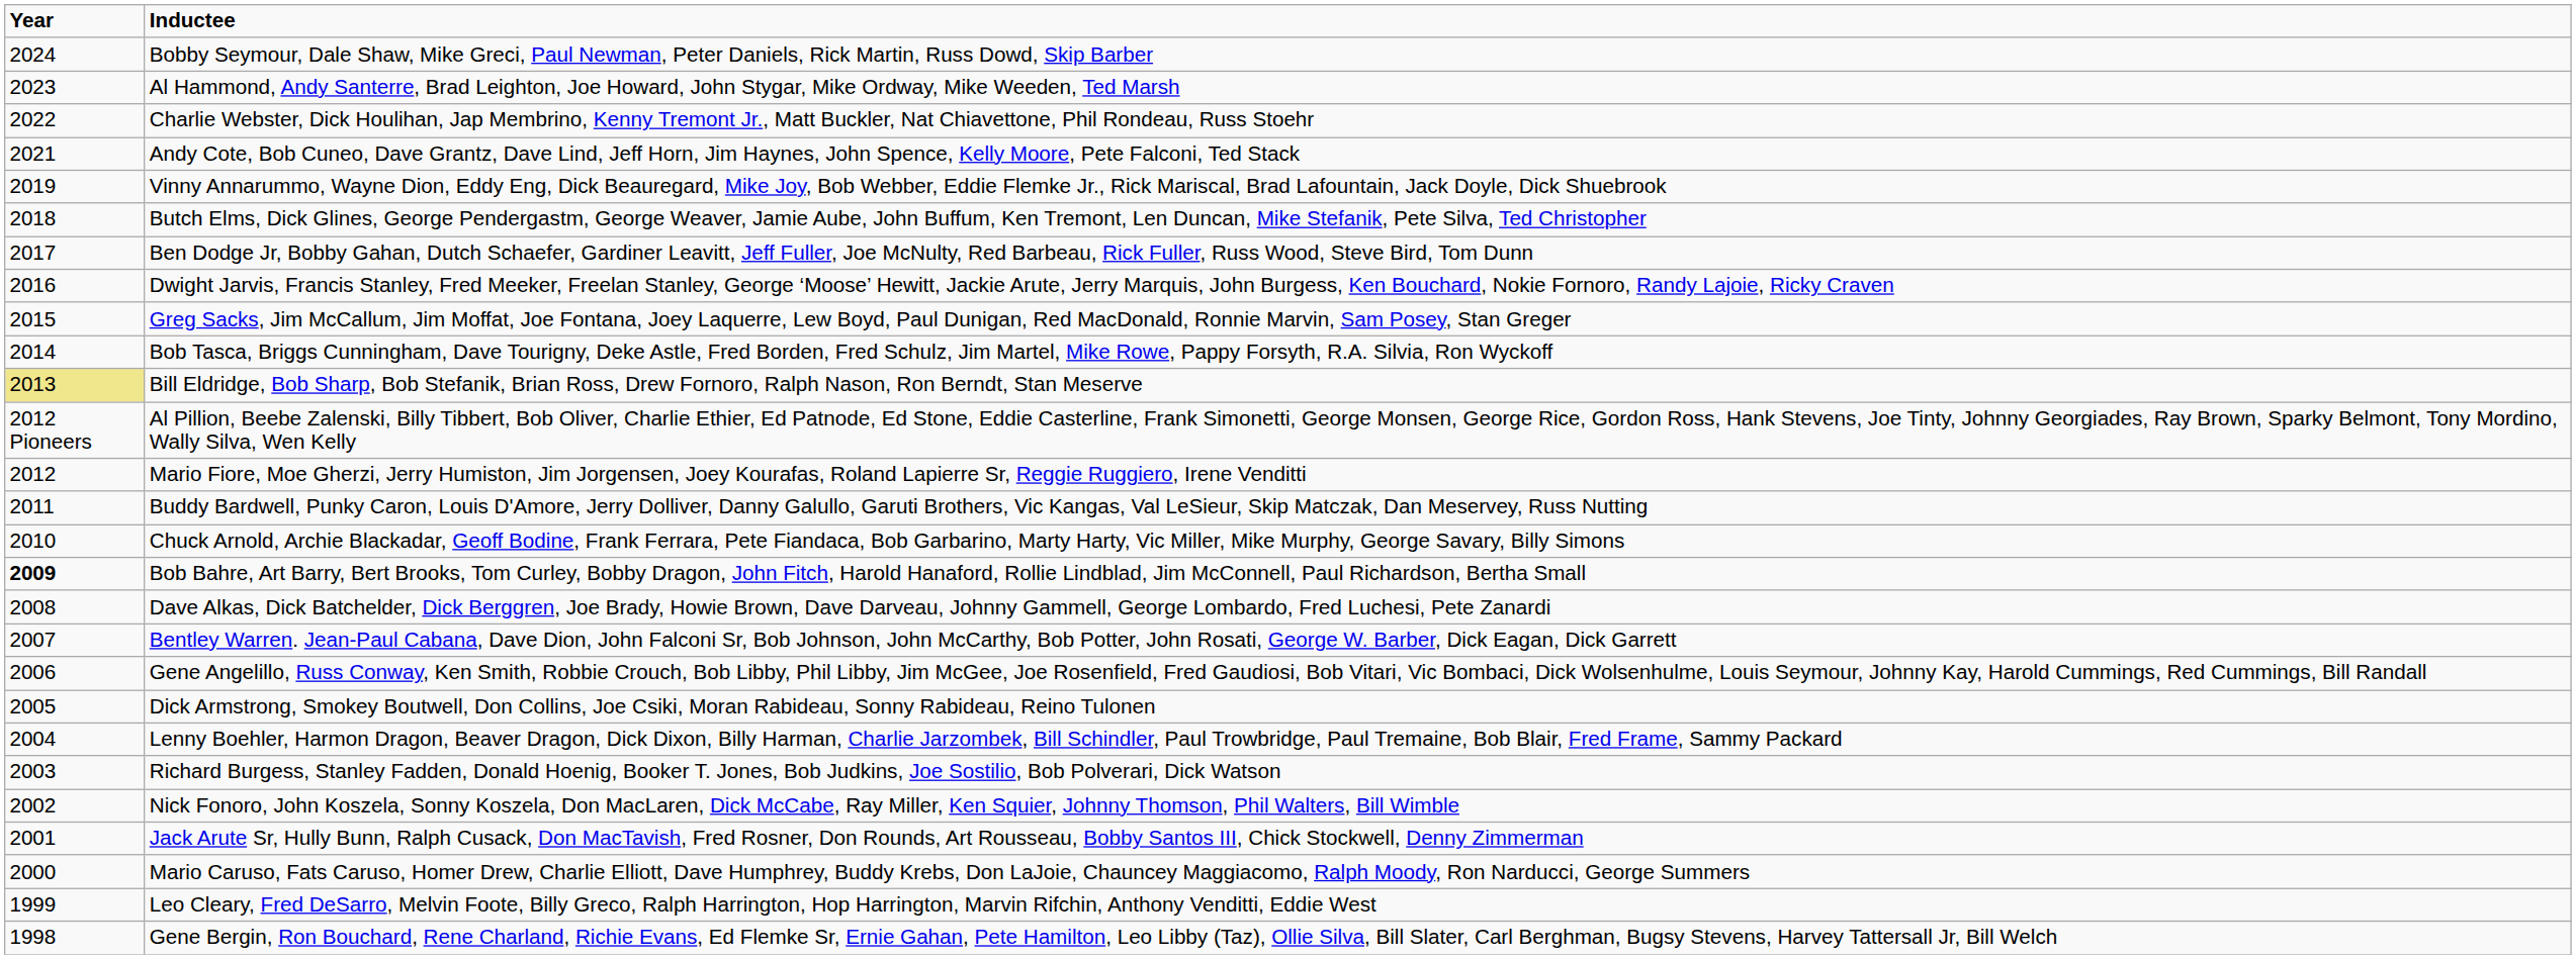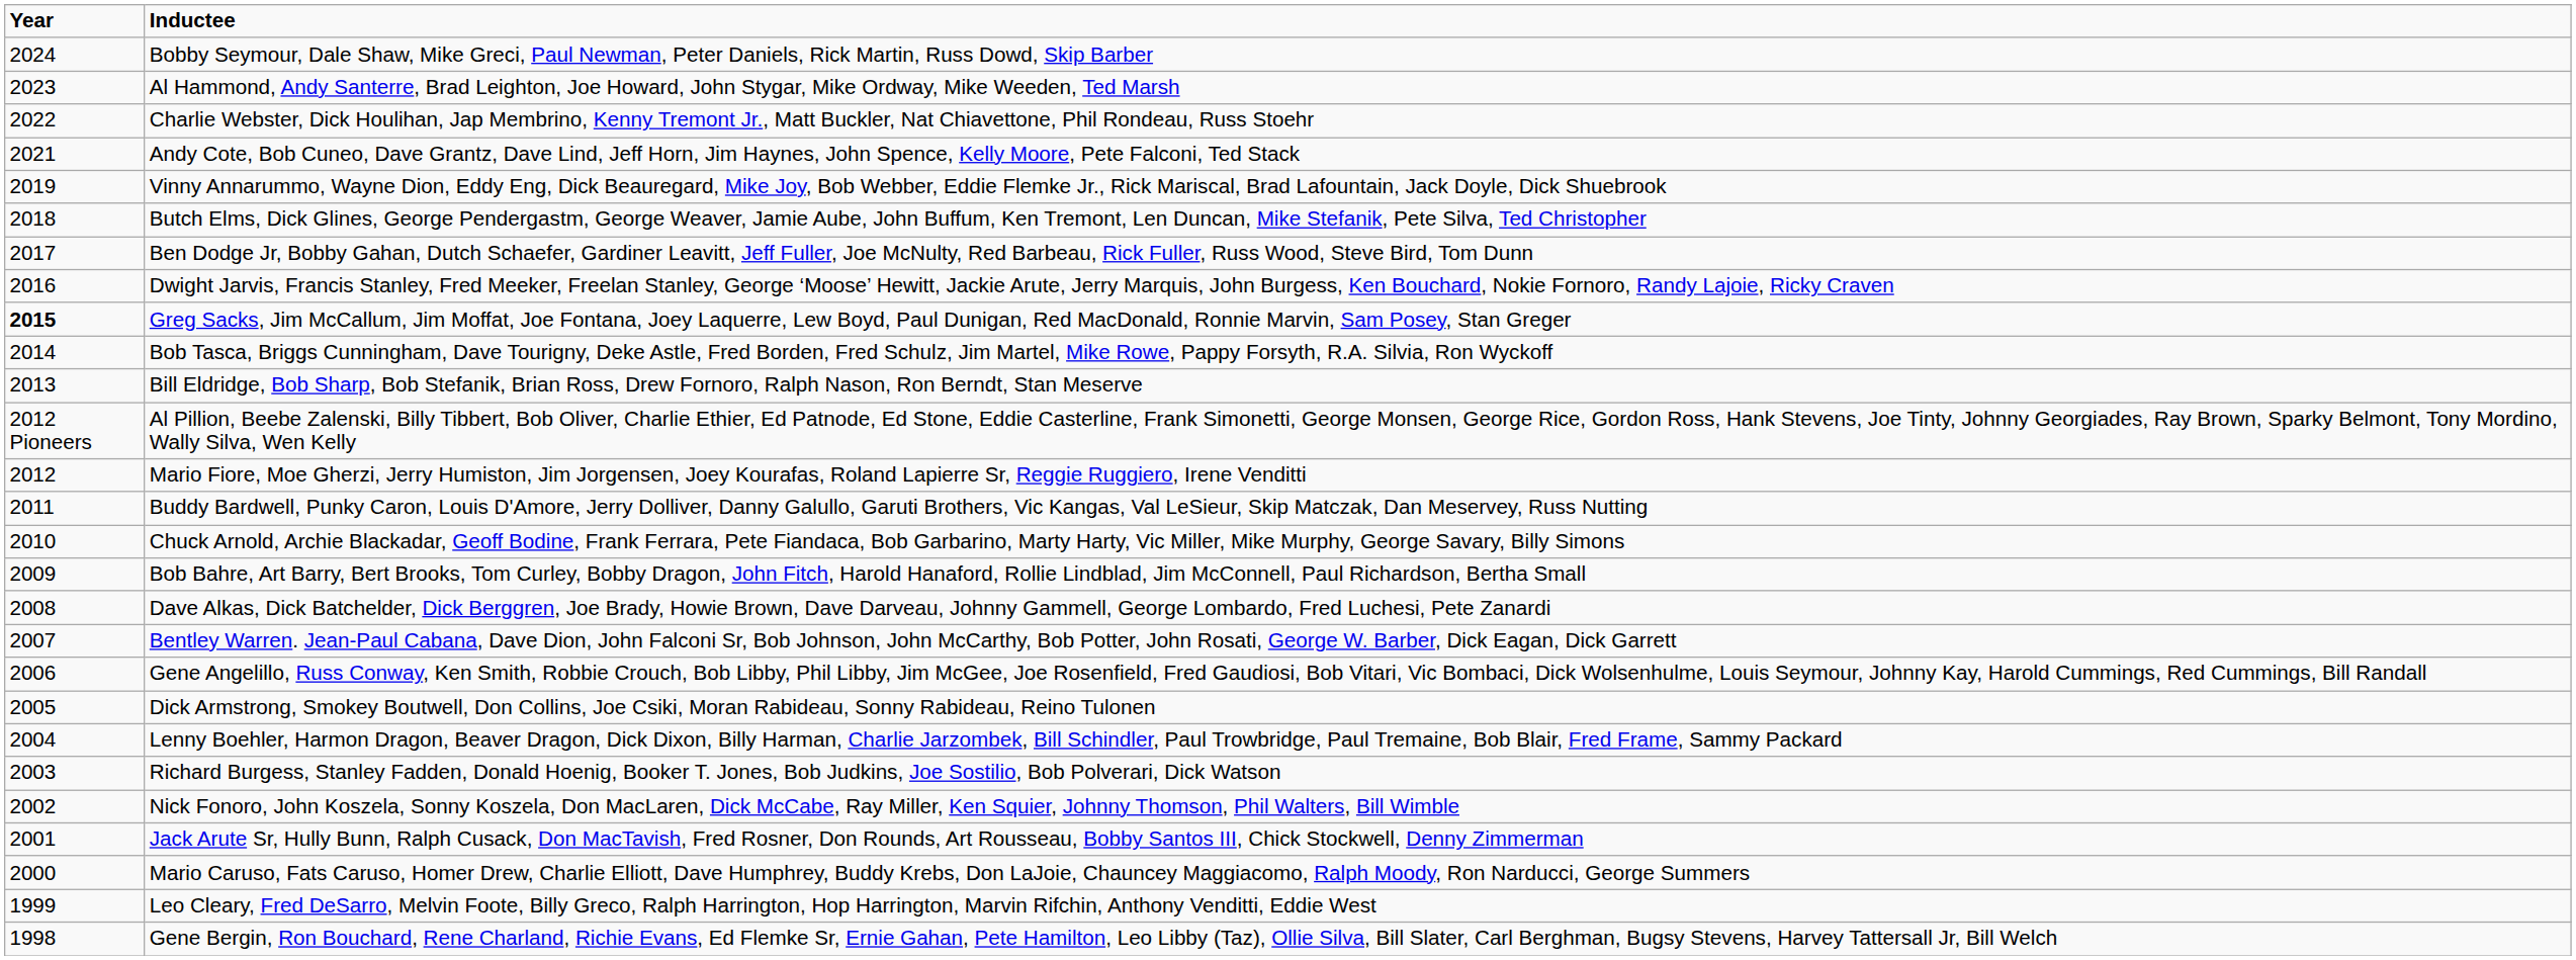 <table class="wikitable">
 <tr>
 <td><strong>Year</strong></td>
 <td><strong>Inductee</strong></td>
 </tr>
 <tr>
 <td>2024</td>
 <td>Bobby Seymour, Dale Shaw, Mike Greci, <a href='#'>Paul Newman</a>, Peter Daniels, Rick Martin, Russ Dowd, <a href='#'>Skip Barber</a></td>
 </tr>
 <tr>
 <td>2023</td>
 <td>Al Hammond,  <a href='#'>Andy Santerre</a>,  Brad Leighton,  Joe Howard,  John Stygar,  Mike Ordway,  Mike Weeden,  <a href='#'>Ted Marsh</a></td>
 </tr>
 <tr>
 <td>2022</td>
 <td>Charlie Webster, Dick Houlihan, Jap Membrino, <a href='#'>Kenny Tremont Jr.</a>, Matt Buckler, Nat Chiavettone, Phil Rondeau, Russ Stoehr</td>
 </tr>
 <tr>
 <td>2021</td>
 <td>Andy Cote, Bob Cuneo, Dave Grantz, Dave Lind, Jeff Horn, Jim Haynes, John Spence, <a href='#'>Kelly Moore</a>, Pete Falconi, Ted Stack</td>
 </tr>
 <tr>
 <td>2019</td>
 <td>Vinny Annarummo, Wayne Dion, Eddy Eng, Dick Beauregard,  <a href='#'>Mike Joy</a>, Bob Webber, Eddie Flemke Jr., Rick Mariscal, Brad Lafountain, Jack  Doyle, Dick Shuebrook</td>
 </tr>
 <tr>
 <td>2018</td>
 <td>Butch Elms, Dick Glines, George  Pendergastm, George Weaver, Jamie Aube, John Buffum, Ken Tremont, Len Duncan, <a href='#'>Mike Stefanik</a>, Pete Silva, <a href='#'>Ted Christopher</a></td>
 </tr>
 <tr>
 <td>2017</td>
 <td>Ben Dodge Jr, Bobby Gahan, Dutch Schaefer, Gardiner Leavitt, <a href='#'>Jeff Fuller</a>, Joe McNulty, Red Barbeau, <a href='#'>Rick Fuller</a>, Russ Wood, Steve Bird, Tom Dunn</td>
 </tr>
 <tr>
 <td>2016</td>
 <td>Dwight Jarvis, Francis Stanley, Fred Meeker, Freelan Stanley, George ‘Moose’  Hewitt, Jackie Arute, Jerry Marquis, John Burgess, <a href='#'>Ken Bouchard</a>, Nokie Fornoro, <a href='#'>Randy Lajoie</a>, <a href='#'>Ricky Craven</a></td>
 </tr>
 <tr>
-<td>2015</td>
+<td><strong>2015</strong></td>
 <td><a href='#'>Greg Sacks</a>, Jim McCallum, Jim Moffat, Joe Fontana, Joey Laquerre, Lew Boyd, Paul Dunigan, Red MacDonald, Ronnie Marvin, <a href='#'>Sam Posey</a>, Stan Greger</td>
 </tr>
 <tr>
 <td>2014</td>
 <td>Bob Tasca, Briggs  Cunningham, Dave Tourigny, Deke Astle, Fred Borden, Fred Schulz, Jim Martel, <a href='#'>Mike Rowe</a>, Pappy Forsyth, R.A. Silvia, Ron Wyckoff</td>
 </tr>
 <tr>
-<td style="background: khaki;">2013</td>
+<td>2013</td>
 <td>Bill Eldridge, <a href='#'>Bob Sharp</a>, Bob Stefanik, Brian Ross, Drew Fornoro, Ralph Nason, Ron Berndt, Stan Meserve</td>
 </tr>
 <tr>
 <td>2012  Pioneers</td>
 <td>Al Pillion, Beebe Zalenski, Billy Tibbert, Bob Oliver, Charlie Ethier, Ed Patnode, Ed Stone, Eddie Casterline, Frank Simonetti, George Monsen, George Rice, Gordon Ross, Hank Stevens, Joe Tinty, Johnny  Georgiades, Ray Brown, Sparky Belmont, Tony Mordino, Wally Silva, Wen Kelly</td>
 </tr>
 <tr>
 <td>2012</td>
 <td>Mario Fiore,  Moe Gherzi, Jerry Humiston, Jim Jorgensen, Joey Kourafas, Roland Lapierre Sr,  <a href='#'>Reggie Ruggiero</a>, Irene Venditti</td>
 </tr>
 <tr>
 <td>2011</td>
 <td>Buddy Bardwell, Punky Caron, Louis D'Amore, Jerry  Dolliver, Danny Galullo, Garuti Brothers, Vic Kangas, Val LeSieur, Skip  Matczak, Dan Meservey, Russ Nutting</td>
 </tr>
 <tr>
 <td>2010</td>
 <td>Chuck Arnold, Archie Blackadar, <a href='#'>Geoff  Bodine</a>, Frank Ferrara, Pete Fiandaca, Bob Garbarino, Marty Harty, Vic  Miller, Mike Murphy, George Savary, Billy Simons</td>
 </tr>
 <tr>
-<td><strong>2009</strong></td>
+<td>2009</td>
 <td>Bob Bahre, Art Barry, Bert Brooks, Tom Curley, Bobby  Dragon, <a href='#'>John Fitch</a>, Harold Hanaford, Rollie  Lindblad, Jim McConnell, Paul Richardson, Bertha Small</td>
 </tr>
 <tr>
 <td>2008</td>
 <td>Dave Alkas, Dick Batchelder, <a href='#'>Dick  Berggren</a>, Joe Brady, Howie Brown, Dave Darveau, Johnny Gammell, George  Lombardo, Fred Luchesi, Pete Zanardi</td>
 </tr>
 <tr>
 <td>2007</td>
 <td><a href='#'>Bentley Warren</a>. <a href='#'>Jean-Paul Cabana</a>, Dave Dion, John  Falconi Sr, Bob Johnson, John McCarthy, Bob Potter, John Rosati, <a href='#'>George W. Barber</a>, Dick Eagan, Dick Garrett</td>
 </tr>
 <tr>
 <td>2006</td>
 <td>Gene Angelillo, <a href='#'>Russ Conway</a>, Ken Smith, Robbie Crouch,  Bob Libby, Phil Libby, Jim McGee, Joe Rosenfield, Fred Gaudiosi, Bob Vitari,  Vic Bombaci, Dick Wolsenhulme, Louis Seymour, Johnny Kay, Harold Cummings, Red Cummings, Bill Randall</td>
 </tr>
 <tr>
 <td>2005</td>
 <td>Dick Armstrong, Smokey Boutwell, Don Collins, Joe Csiki, Moran  Rabideau, Sonny Rabideau, Reino Tulonen</td>
 </tr>
 <tr>
 <td>2004</td>
 <td>Lenny Boehler, Harmon Dragon, Beaver Dragon, Dick Dixon, Billy Harman,  <a href='#'>Charlie Jarzombek</a>, <a href='#'>Bill  Schindler</a>, Paul Trowbridge, Paul Tremaine, Bob Blair, <a href='#'>Fred Frame</a>,  Sammy Packard</td>
 </tr>
 <tr>
 <td>2003</td>
 <td>Richard Burgess, Stanley Fadden, Donald Hoenig, Booker T. Jones, Bob  Judkins, <a href='#'>Joe Sostilio</a>, Bob Polverari, Dick Watson</td>
 </tr>
 <tr>
 <td>2002</td>
 <td>Nick Fonoro, John Koszela, Sonny Koszela, Don MacLaren, <a href='#'>Dick McCabe</a>, Ray Miller, <a href='#'>Ken Squier</a>,  <a href='#'>Johnny  Thomson</a>, <a href='#'>Phil Walters</a>, <a href='#'>Bill Wimble</a></td>
 </tr>
 <tr>
 <td>2001</td>
 <td><a href='#'>Jack Arute</a> Sr, Hully Bunn, Ralph Cusack, <a href='#'>Don  MacTavish</a>, Fred Rosner, Don Rounds, Art Rousseau, <a href='#'>Bobby  Santos III</a>, Chick Stockwell, <a href='#'>Denny  Zimmerman</a></td>
 </tr>
 <tr>
 <td>2000</td>
 <td>Mario Caruso, Fats Caruso, Homer Drew, Charlie Elliott, Dave Humphrey,  Buddy Krebs, Don LaJoie, Chauncey Maggiacomo, <a href='#'>Ralph  Moody</a>, Ron Narducci, George Summers</td>
 </tr>
 <tr>
 <td>1999</td>
 <td>Leo Cleary, <a href='#'>Fred DeSarro</a>, Melvin Foote, Billy Greco, Ralph  Harrington, Hop Harrington, Marvin Rifchin, Anthony Venditti, Eddie West</td>
 </tr>
 <tr>
 <td>1998</td>
 <td>Gene Bergin, <a href='#'>Ron Bouchard</a>, <a href='#'>Rene  Charland</a>, <a href='#'>Richie Evans</a>, Ed Flemke Sr, <a href='#'>Ernie Gahan</a>, <a href='#'>Pete  Hamilton</a>, Leo Libby (Taz), <a href='#'>Ollie Silva</a>, Bill Slater, Carl Berghman, Bugsy Stevens, Harvey Tattersall Jr, Bill Welch</td>
 </tr>
 </table>
